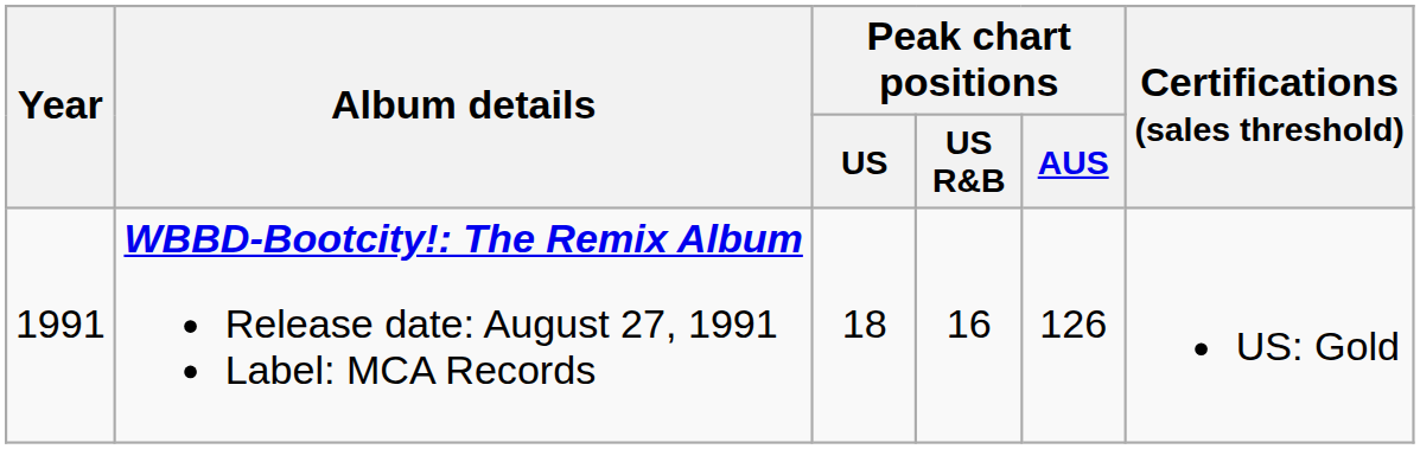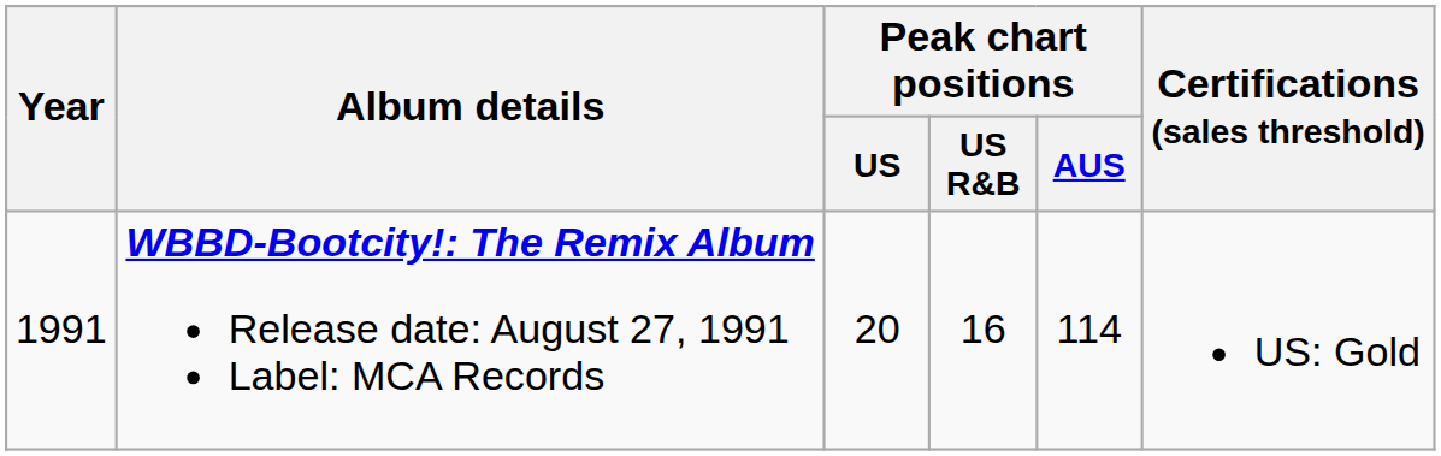 <table class="wikitable" style="text-align:center;">
 <tr>
 <th rowspan="2">Year</th>
 <th rowspan="2">Album details</th>
 <th colspan="3">Peak chart<br>positions</th>
 <th rowspan="2">Certifications<br><small>(sales threshold)</small></th>
 </tr>
 <tr style="font-size:smaller;">
 <th style="width:35px;">US<br></th>
 <th style="width:35px;">US R&B<br></th>
 <th style="width:35px;"><a href='#'>AUS</a><br></th>
 </tr>
 <tr>
 <td>1991</td>
 <td style="text-align:left;"><strong><em><a href='#'>WBBD-Bootcity!: The Remix Album</a></em></strong><br><ul><li>Release date: August 27, 1991</li><li>Label: MCA Records</li></ul></td>
-<td>18</td>
+<td>20</td>
 <td>16</td>
-<td>126</td>
+<td>114</td>
 <td style="text-align:left;"><br><ul><li>US: Gold</li></ul></td>
 </tr>
 </table>
